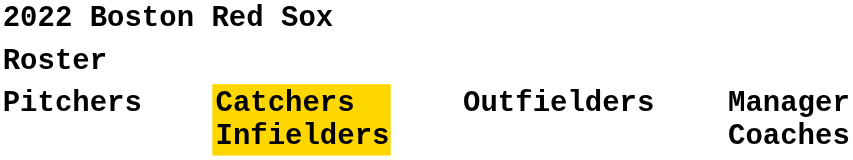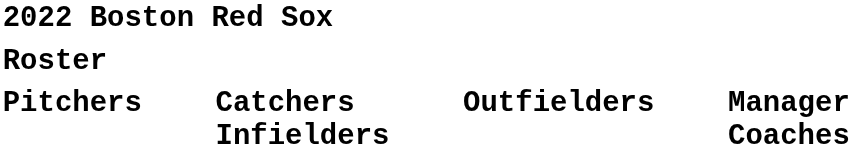 <table class="toccolours" style="text-align: left;">
 <tr>
 <th colspan="10">2022 Boston Red Sox</th>
 </tr>
 <tr>
 <td colspan="10"><strong>Roster</strong></td>
 </tr>
 <tr>
 <td valign="top"><strong>Pitchers</strong><br>                           </td>
 <td width="25px"></td>
-<td valign="top" style="background: gold;"><strong>Catchers</strong><br>    <strong>Infielders</strong>              </td>
+<td valign="top"><strong>Catchers</strong><br>    <strong>Infielders</strong>              </td>
 <td width="25px"></td>
 <td valign="top"><strong>Outfielders</strong><br>        </td>
 <td width="25px"></td>
 <td valign="top"><strong>Manager</strong><br> <strong>Coaches</strong>                        </td>
 </tr>
 </table>
